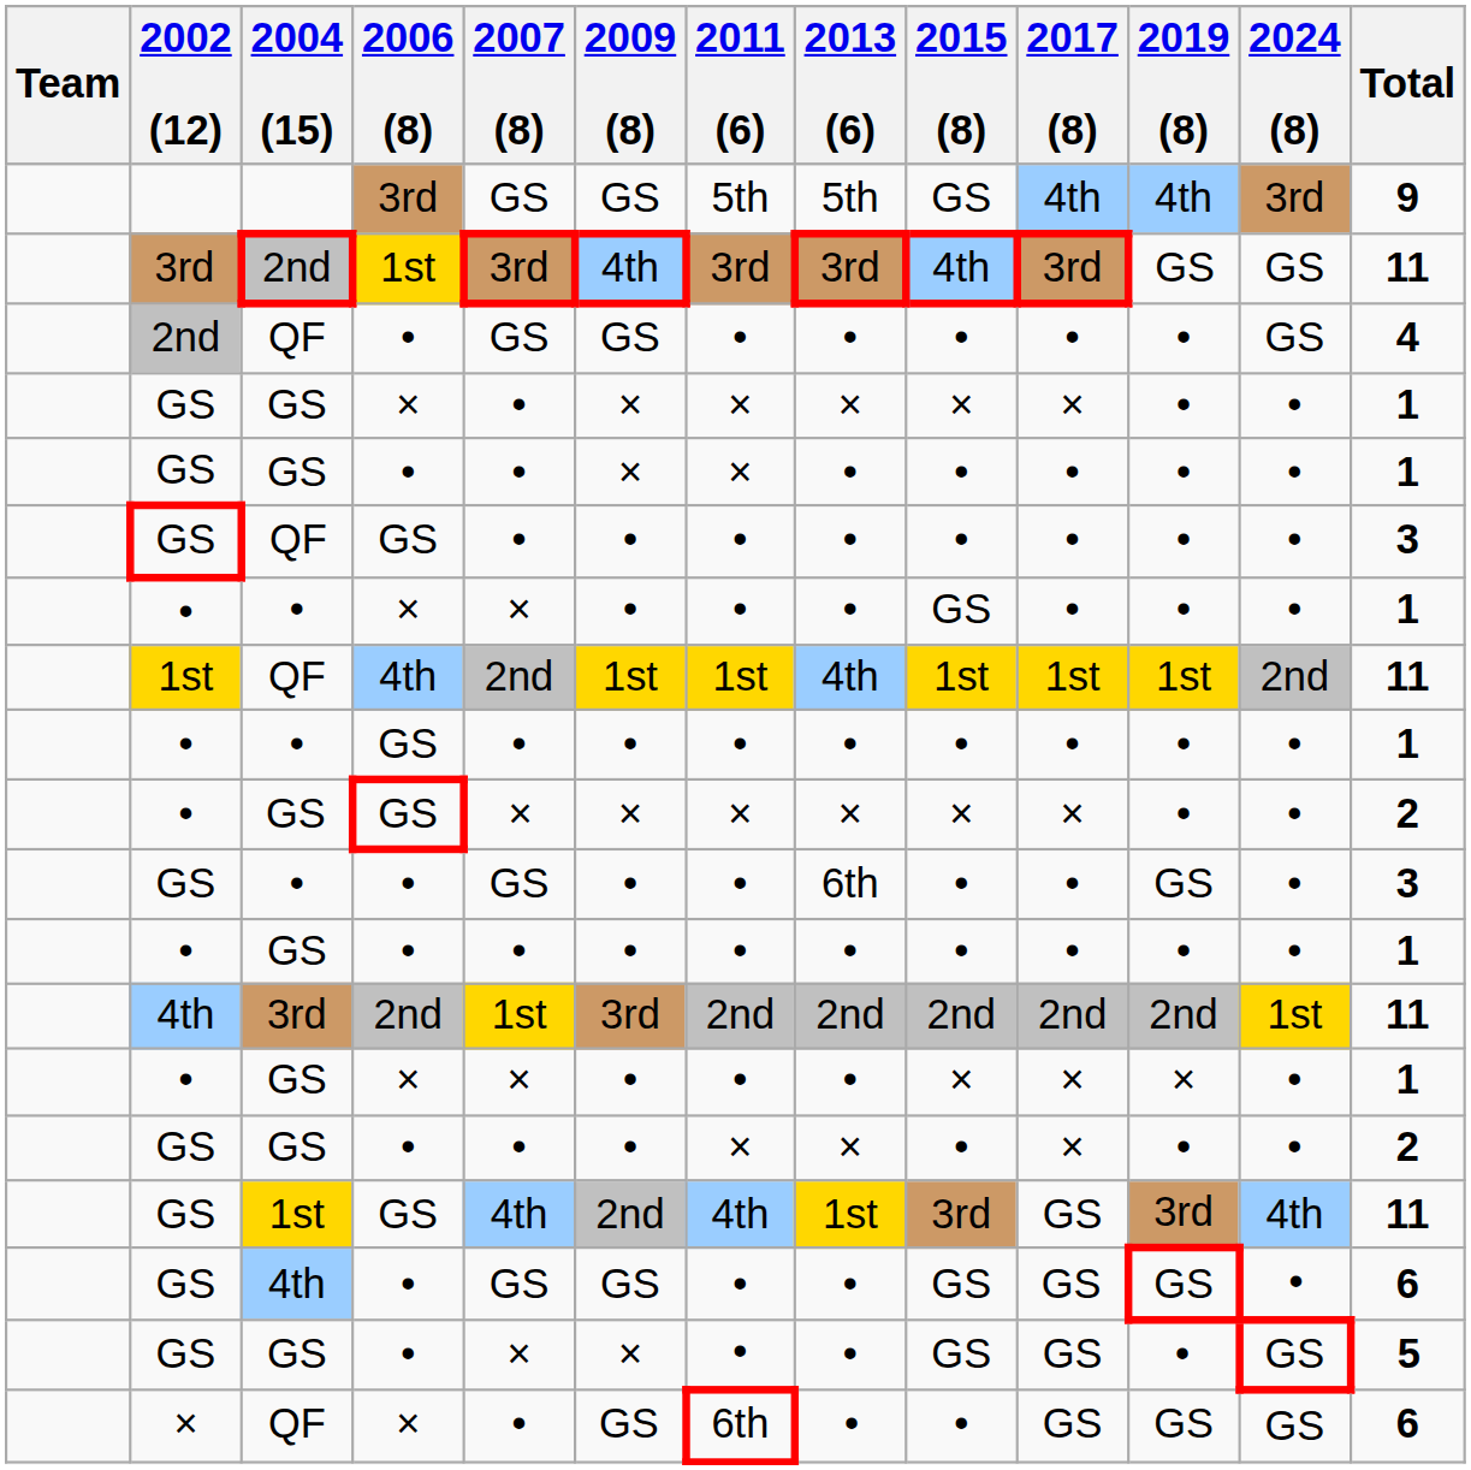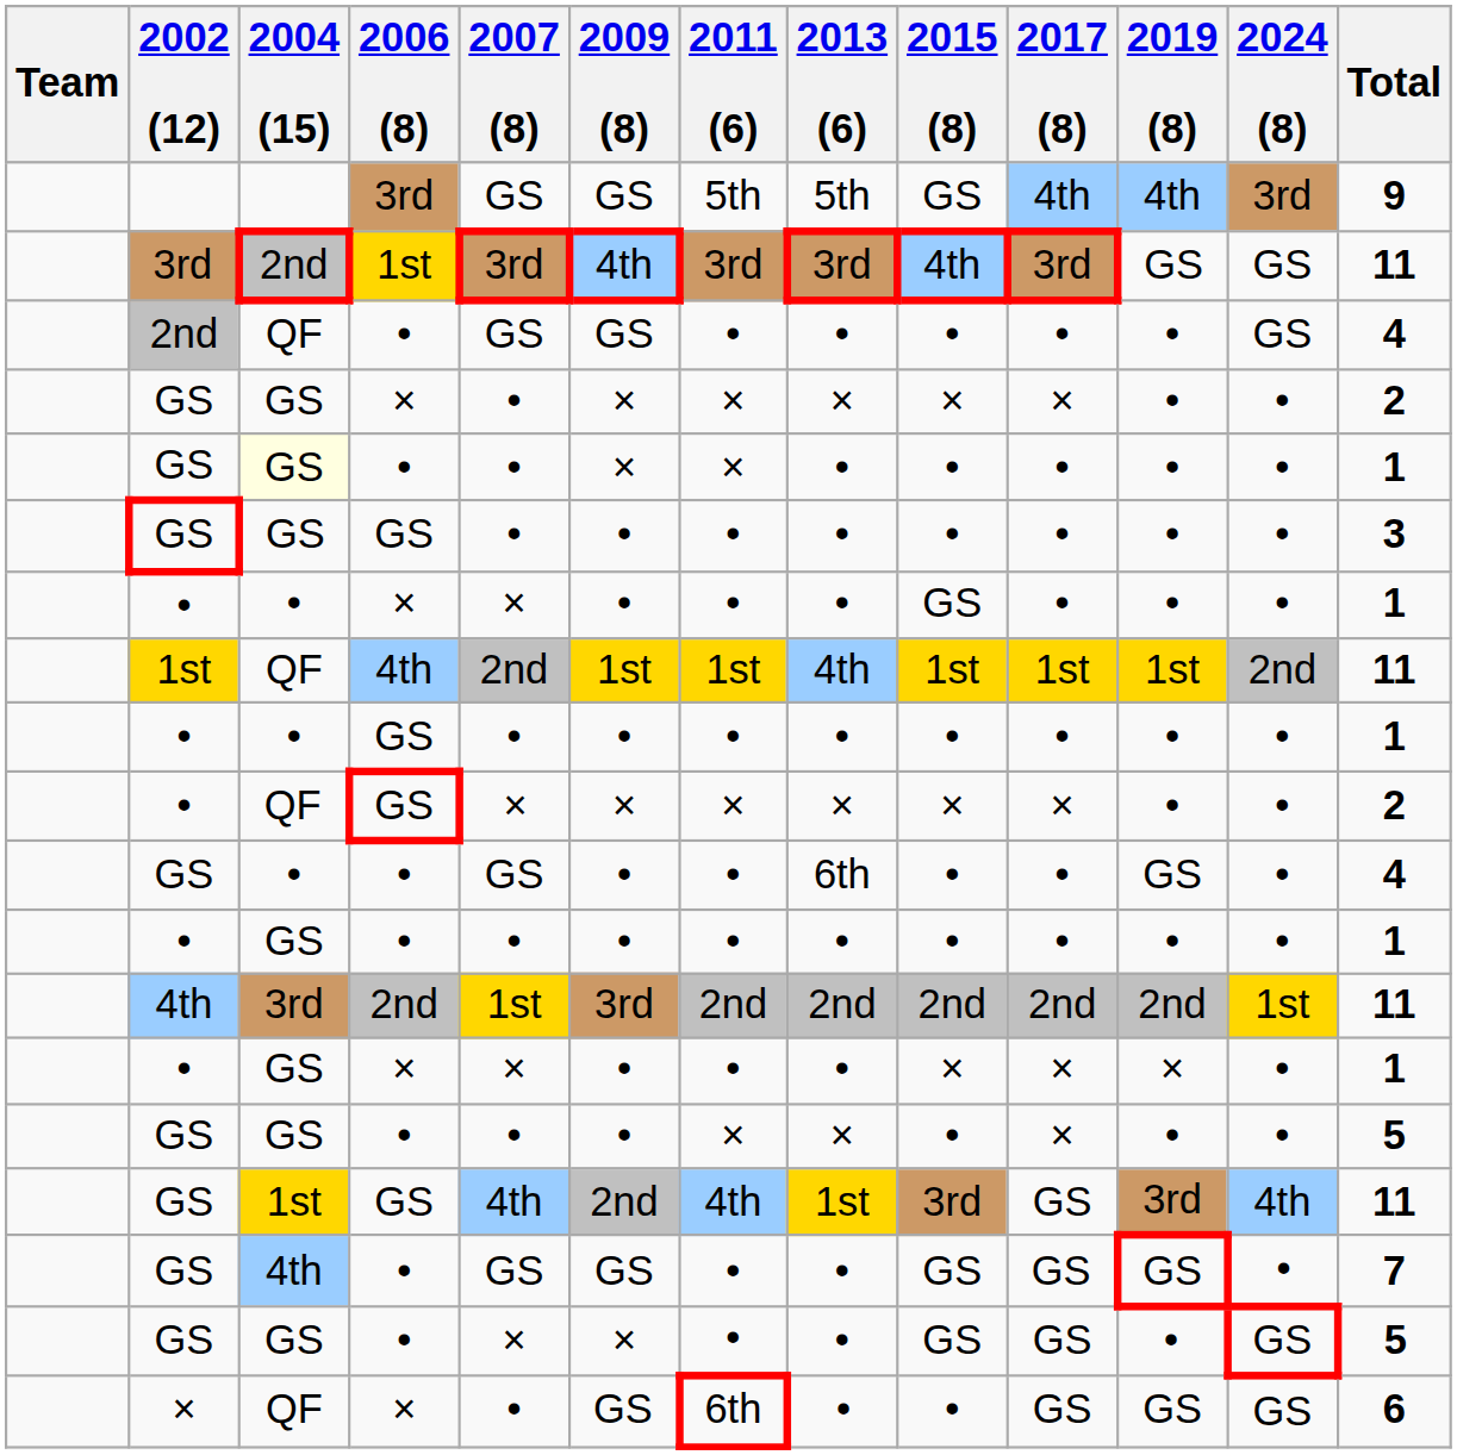 <table class="wikitable">
 <tr style="background:#cccccc;" align=center>
 <th>Team</th>
 <th><a href='#'>2002</a><br><br>(12)</th>
 <th><a href='#'>2004</a><br><br>(15)</th>
 <th><a href='#'>2006</a><br><br>(8)</th>
 <th><a href='#'>2007</a><br><br>(8)</th>
 <th><a href='#'>2009</a><br><br>(8)</th>
 <th><a href='#'>2011</a><br><br>(6)</th>
 <th><a href='#'>2013</a><br><br>(6)</th>
 <th><a href='#'>2015</a><br><br>(8)</th>
 <th><a href='#'>2017</a><br><br>(8)</th>
 <th><a href='#'>2019</a><br><br>(8)</th>
 <th><a href='#'>2024</a><br><br>(8)</th>
 <th>Total</th>
 </tr>
 <tr align=center>
 <td align=left></td>
 <td></td>
 <td></td>
 <td bgcolor=#cc9966>3rd</td>
 <td>GS</td>
 <td>GS</td>
 <td>5th</td>
 <td>5th</td>
 <td>GS</td>
 <td bgcolor=#9acdff>4th</td>
 <td bgcolor=#9acdff>4th</td>
 <td bgcolor=#cc9966>3rd</td>
 <td><strong>9</strong></td>
 </tr>
 <tr align=center>
 <td align=left></td>
 <td bgcolor=#cc9966>3rd</td>
 <td style="border: 3px solid red" bgcolor=silver>2nd</td>
 <td bgcolor=gold>1st</td>
 <td style="border: 3px solid red" bgcolor=#cc9966>3rd</td>
 <td style="border: 3px solid red" bgcolor=#9acdff>4th</td>
 <td bgcolor=#cc9966>3rd</td>
 <td style="border: 3px solid red" bgcolor=#cc9966>3rd</td>
 <td style="border: 3px solid red" bgcolor=#9acdff>4th</td>
 <td style="border: 3px solid red" bgcolor=#cc9966>3rd</td>
 <td>GS</td>
 <td>GS</td>
 <td><strong>11</strong></td>
 </tr>
 <tr align=center>
 <td align=left></td>
 <td bgcolor=silver>2nd</td>
 <td>QF</td>
 <td>•</td>
 <td>GS</td>
 <td>GS</td>
 <td>•</td>
 <td>•</td>
 <td>•</td>
 <td>•</td>
 <td>•</td>
 <td>GS</td>
 <td><strong>4</strong></td>
 </tr>
 <tr align=center>
 <td align=left></td>
 <td>GS</td>
 <td>GS</td>
 <td>×</td>
 <td>•</td>
 <td>×</td>
 <td>×</td>
 <td>×</td>
 <td>×</td>
 <td>×</td>
 <td>•</td>
 <td>•</td>
-<td><strong>1</strong></td>
+<td><strong>2</strong></td>
 </tr>
 <tr align=center>
 <td align=left></td>
 <td>GS</td>
-<td>GS</td>
+<td style="background: lightyellow;">GS</td>
 <td>•</td>
 <td>•</td>
 <td>×</td>
 <td>×</td>
 <td>•</td>
 <td>•</td>
 <td>•</td>
 <td>•</td>
 <td>•</td>
 <td><strong>1</strong></td>
 </tr>
 <tr align=center>
 <td align=left></td>
 <td style="border: 3px solid red">GS</td>
-<td>QF</td>
+<td>GS</td>
 <td>GS</td>
 <td>•</td>
 <td>•</td>
 <td>•</td>
 <td>•</td>
 <td>•</td>
 <td>•</td>
 <td>•</td>
 <td>•</td>
 <td><strong>3</strong></td>
 </tr>
 <tr align=center>
 <td align=left></td>
 <td>•</td>
 <td>•</td>
 <td>×</td>
 <td>×</td>
 <td>•</td>
 <td>•</td>
 <td>•</td>
 <td>GS</td>
 <td>•</td>
 <td>•</td>
 <td>•</td>
 <td><strong>1</strong></td>
 </tr>
 <tr align=center>
 <td align=left></td>
 <td bgcolor=gold>1st</td>
 <td>QF</td>
 <td bgcolor=#9acdff>4th</td>
 <td bgcolor=silver>2nd</td>
 <td bgcolor=gold>1st</td>
 <td bgcolor=gold>1st</td>
 <td bgcolor=#9acdff>4th</td>
 <td bgcolor=gold>1st</td>
 <td bgcolor=gold>1st</td>
 <td bgcolor=gold>1st</td>
 <td bgcolor=silver>2nd</td>
 <td><strong>11</strong></td>
 </tr>
 <tr align=center>
 <td align=left></td>
 <td>•</td>
 <td>•</td>
 <td>GS</td>
 <td>•</td>
 <td>•</td>
 <td>•</td>
 <td>•</td>
 <td>•</td>
 <td>•</td>
 <td>•</td>
 <td>•</td>
 <td><strong>1</strong></td>
 </tr>
 <tr align=center>
 <td align=left></td>
 <td>•</td>
-<td>GS</td>
+<td>QF</td>
 <td style="border: 3px solid red">GS</td>
 <td>×</td>
 <td>×</td>
 <td>×</td>
 <td>×</td>
 <td>×</td>
 <td>×</td>
 <td>•</td>
 <td>•</td>
 <td><strong>2</strong></td>
 </tr>
 <tr align=center>
 <td align=left></td>
 <td>GS</td>
 <td>•</td>
 <td>•</td>
 <td>GS</td>
 <td>•</td>
 <td>•</td>
 <td>6th</td>
 <td>•</td>
 <td>•</td>
 <td>GS</td>
 <td>•</td>
-<td><strong>3</strong></td>
+<td><strong>4</strong></td>
 </tr>
 <tr align=center>
 <td align=left></td>
 <td>•</td>
 <td>GS</td>
 <td>•</td>
 <td>•</td>
 <td>•</td>
 <td>•</td>
 <td>•</td>
 <td>•</td>
 <td>•</td>
 <td>•</td>
 <td>•</td>
 <td><strong>1</strong></td>
 </tr>
 <tr align=center>
 <td align=left></td>
 <td bgcolor=#9acdff>4th</td>
 <td bgcolor=#cc9966>3rd</td>
 <td bgcolor=silver>2nd</td>
 <td bgcolor=gold>1st</td>
 <td bgcolor=#cc9966>3rd</td>
 <td bgcolor=silver>2nd</td>
 <td bgcolor=silver>2nd</td>
 <td bgcolor=silver>2nd</td>
 <td bgcolor=silver>2nd</td>
 <td bgcolor=silver>2nd</td>
 <td bgcolor=gold>1st</td>
 <td><strong>11</strong></td>
 </tr>
 <tr align=center>
 <td align=left></td>
 <td>•</td>
 <td>GS</td>
 <td>×</td>
 <td>×</td>
 <td>•</td>
 <td>•</td>
 <td>•</td>
 <td>×</td>
 <td>×</td>
 <td>×</td>
 <td>•</td>
 <td><strong>1</strong></td>
 </tr>
 <tr align=center>
 <td align=left></td>
 <td>GS</td>
 <td>GS</td>
 <td>•</td>
 <td>•</td>
 <td>•</td>
 <td>×</td>
 <td>×</td>
 <td>•</td>
 <td>×</td>
 <td>•</td>
 <td>•</td>
-<td><strong>2</strong></td>
+<td><strong>5</strong></td>
 </tr>
 <tr align=center>
 <td align=left></td>
 <td>GS</td>
 <td bgcolor=gold>1st</td>
 <td>GS</td>
 <td bgcolor=#9acdff>4th</td>
 <td bgcolor=silver>2nd</td>
 <td bgcolor=#9acdff>4th</td>
 <td bgcolor=gold>1st</td>
 <td bgcolor=#cc9966>3rd</td>
 <td>GS</td>
 <td bgcolor=#cc9966>3rd</td>
 <td bgcolor=#9acdff>4th</td>
 <td><strong>11</strong></td>
 </tr>
 <tr align=center>
 <td align=left></td>
 <td>GS</td>
 <td bgcolor=#9acdff>4th</td>
 <td>•</td>
 <td>GS</td>
 <td>GS</td>
 <td>•</td>
 <td>•</td>
 <td>GS</td>
 <td>GS</td>
 <td style="border: 3px solid red">GS</td>
 <td>•</td>
-<td><strong>6</strong></td>
+<td><strong>7</strong></td>
 </tr>
 <tr align=center>
 <td align=left></td>
 <td>GS</td>
 <td>GS</td>
 <td>•</td>
 <td>×</td>
 <td>×</td>
 <td>•</td>
 <td>•</td>
 <td>GS</td>
 <td>GS</td>
 <td>•</td>
 <td style="border: 3px solid red">GS</td>
 <td><strong>5</strong></td>
 </tr>
 <tr align=center>
 <td align=left></td>
 <td>×</td>
 <td>QF</td>
 <td>×</td>
 <td>•</td>
 <td>GS</td>
 <td style="border: 3px solid red">6th</td>
 <td>•</td>
 <td>•</td>
 <td>GS</td>
 <td>GS</td>
 <td>GS</td>
 <td><strong>6</strong></td>
 </tr>
 </table>
